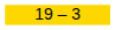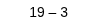 <table style="text-align:center">
 <tr>
 <th width=200></th>
 <th width=100></th>
 <th width=200></th>
 </tr>
 <tr>
 <td align=right><strong></strong></td>
-<td style="background: gold;">19 – 3</td>
+<td>19 – 3</td>
 <td align=left></td>
 </tr>
 </table>
